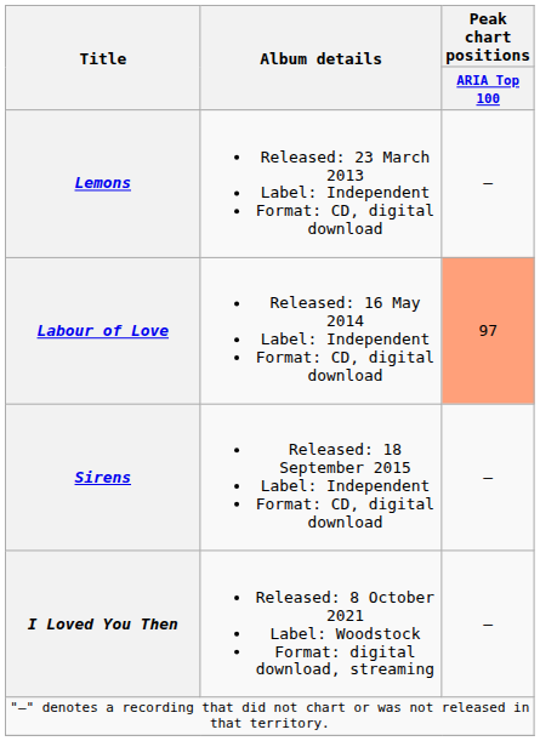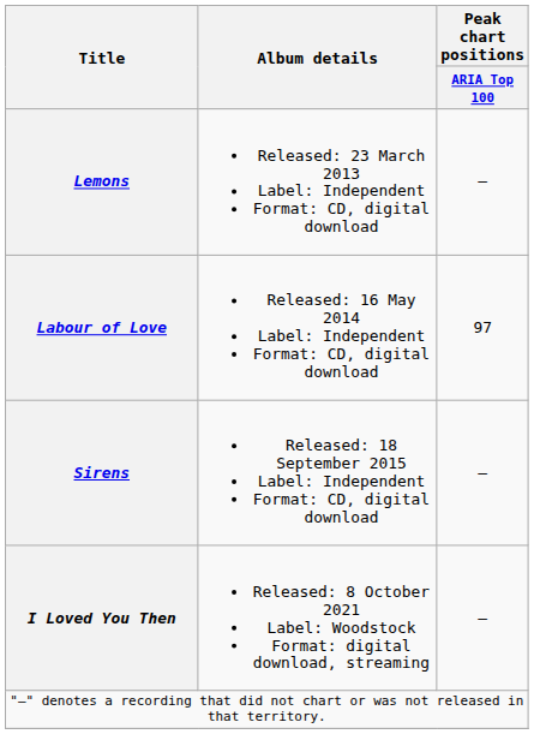 <table class="wikitable plainrowheaders" style="text-align:center;" border="1">
 <tr>
 <th scope="col" rowspan="2" style="width:12em;">Title</th>
 <th scope="col" rowspan="2" style="width:15em;">Album details</th>
 <th scope="col">Peak chart positions</th>
 </tr>
 <tr>
 <th style="width:43px;"><small><a href='#'>ARIA Top 100</a></small></th>
 </tr>
 <tr>
 <th scope="row"><em><a href='#'>Lemons</a></em></th>
 <td><br><ul><li>Released: 23 March 2013</li><li>Label: Independent</li><li>Format: CD, digital download</li></ul></td>
 <td style="text-align:center;">—</td>
 </tr>
 <tr>
 <th scope="row"><em><a href='#'>Labour of Love</a></em></th>
 <td><br><ul><li>Released: 16 May 2014</li><li>Label: Independent</li><li>Format: CD, digital download</li></ul></td>
-<td style="background: lightsalmon; text-align:center;">97</td>
+<td style="text-align:center;">97</td>
 </tr>
 <tr>
 <th scope="row"><em><a href='#'>Sirens</a></em></th>
 <td><br><ul><li>Released: 18 September 2015</li><li>Label: Independent</li><li>Format: CD, digital download</li></ul></td>
 <td style="text-align:center;">—</td>
 </tr>
 <tr>
 <th scope="row"><em>I Loved You Then</em></th>
 <td><br><ul><li>Released: 8 October 2021</li><li>Label: Woodstock</li><li>Format: digital download, streaming</li></ul></td>
 <td style="text-align:center;">—</td>
 </tr>
 <tr>
 <td colspan="4" style="font-size:85%">"—" denotes a recording that did not chart or was not released in that territory.</td>
 </tr>
 <tr>
 </tr>
 </table>
